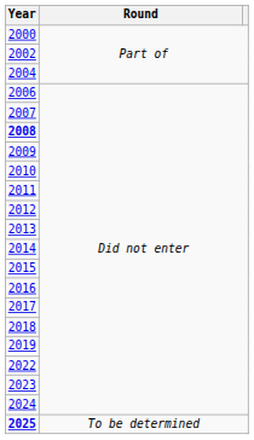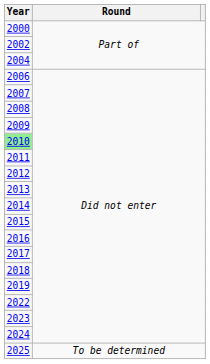 <table class="wikitable" style="text-align: center; font-size:90%">
 <tr>
 <th>Year</th>
 <th style="width:200px">Round</th>
 <th></th>
 </tr>
 <tr>
 <td><a href='#'>2000</a></td>
 <td colspan="2" rowspan="3"><em>Part of </em></td>
 </tr>
 <tr>
 <td><a href='#'>2002</a></td>
 </tr>
 <tr>
 <td><a href='#'>2004</a></td>
 </tr>
 <tr>
 <td><a href='#'>2006</a></td>
 <td colspan="2" rowspan="17"><em>Did not enter</em></td>
 </tr>
 <tr>
 <td><a href='#'>2007</a></td>
 </tr>
 <tr>
-<td><strong><a href='#'>2008</a></strong></td>
+<td><a href='#'>2008</a></td>
 </tr>
 <tr>
 <td><a href='#'>2009</a></td>
 </tr>
 <tr>
-<td><a href='#'>2010</a></td>
+<td style="background: lightgreen;"><a href='#'>2010</a></td>
 </tr>
 <tr>
 <td><a href='#'>2011</a></td>
 </tr>
 <tr>
 <td><a href='#'>2012</a></td>
 </tr>
 <tr>
 <td><a href='#'>2013</a></td>
 </tr>
 <tr>
 <td><a href='#'>2014</a></td>
 </tr>
 <tr>
 <td><a href='#'>2015</a></td>
 </tr>
 <tr>
 <td><a href='#'>2016</a></td>
 </tr>
 <tr>
 <td><a href='#'>2017</a></td>
 </tr>
 <tr>
 <td><a href='#'>2018</a></td>
 </tr>
 <tr>
 <td><a href='#'>2019</a></td>
 </tr>
 <tr>
 <td><a href='#'>2022</a></td>
 </tr>
 <tr>
 <td><a href='#'>2023</a></td>
 </tr>
 <tr>
 <td><a href='#'>2024</a></td>
 </tr>
 <tr>
-<td><strong><a href='#'>2025</a></strong></td>
+<td><a href='#'>2025</a></td>
 <td colspan="2"><em>To be determined</em></td>
 </tr>
 </table>
